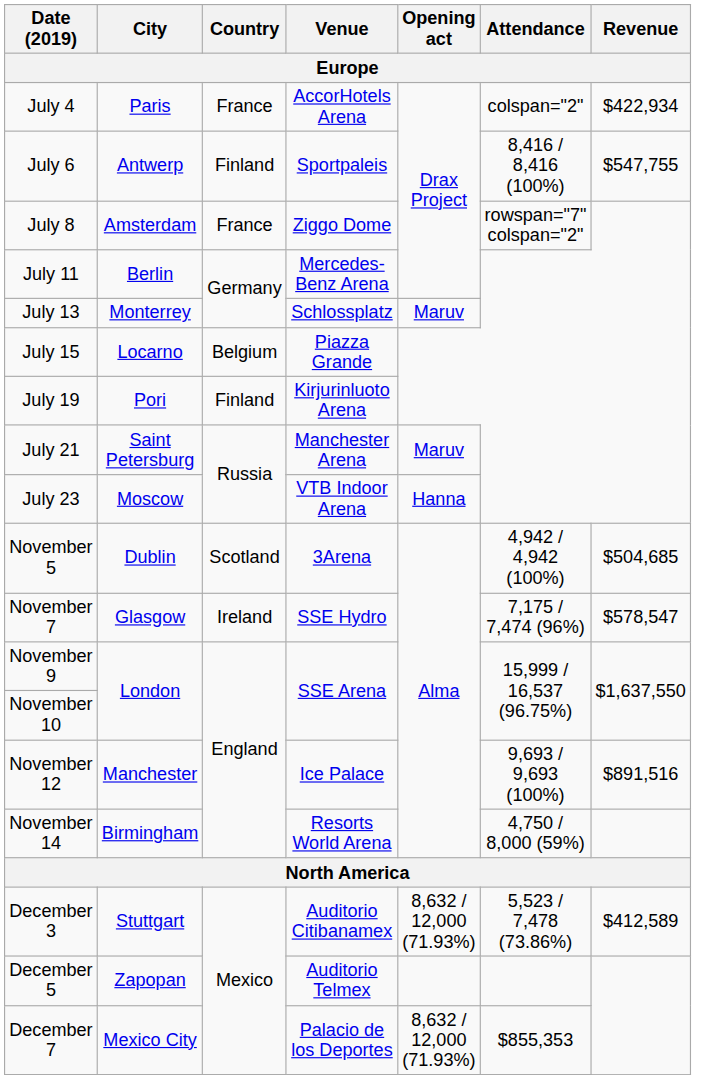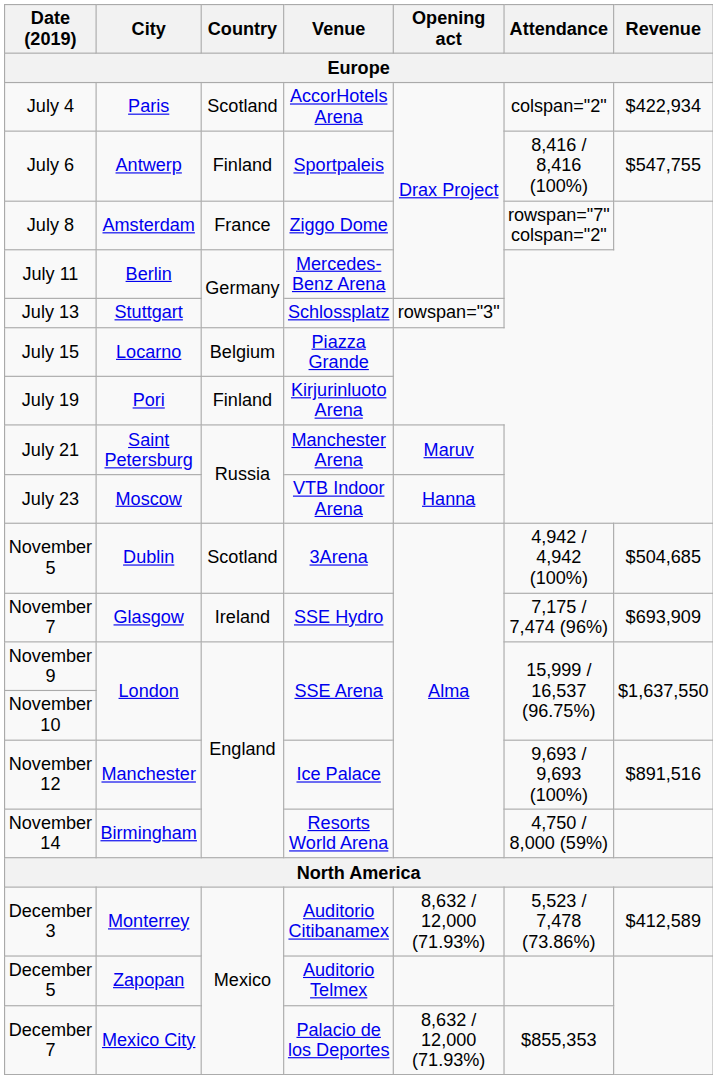 <table class="wikitable plainrowheaders" style="text-align:center;">
 <tr>
 <th scope="col" style="width:12em;">Date (2019)</th>
 <th scope="col" style="width:10em;">City</th>
 <th scope="col" style="width:10em;">Country</th>
 <th scope="col" style="width:16em;">Venue</th>
 <th scope="col" style="width:10em;">Opening act</th>
 <th scope="col" style="width:10em;">Attendance</th>
 <th scope="col" style="width:10em;">Revenue</th>
 </tr>
 <tr>
 <th colspan="7">Europe</th>
 </tr>
 <tr>
 <td scope="row">July 4</td>
 <td><a href='#'>Paris</a></td>
-<td>France</td>
+<td>Scotland</td>
 <td><a href='#'>AccorHotels Arena</a></td>
 <td rowspan="4"><a href='#'>Drax Project</a></td>
 <td>colspan="2" </td>
 <td>$422,934</td>
 </tr>
 <tr>
 <td scope="row">July 6</td>
 <td><a href='#'>Antwerp</a></td>
 <td>Finland</td>
 <td><a href='#'>Sportpaleis</a></td>
 <td>8,416 / 8,416 (100%)</td>
 <td>$547,755</td>
 </tr>
 <tr>
 <td scope="row">July 8</td>
 <td><a href='#'>Amsterdam</a></td>
 <td>France</td>
 <td><a href='#'>Ziggo Dome</a></td>
 <td>rowspan="7" colspan="2" </td>
 </tr>
 <tr>
 <td scope="row">July 11</td>
 <td><a href='#'>Berlin</a></td>
 <td rowspan="2">Germany</td>
 <td><a href='#'>Mercedes-Benz Arena</a></td>
 </tr>
 <tr>
 <td scope="row">July 13</td>
-<td><a href='#'>Monterrey</a></td>
+<td><a href='#'>Stuttgart</a></td>
 <td><a href='#'>Schlossplatz</a></td>
-<td><a href='#'>Maruv</a></td>
+<td>rowspan="3" </td>
 </tr>
 <tr>
 <td scope="row">July 15</td>
 <td><a href='#'>Locarno</a></td>
 <td>Belgium</td>
 <td><a href='#'>Piazza Grande</a></td>
 </tr>
 <tr>
 <td scope="row">July 19</td>
 <td><a href='#'>Pori</a></td>
 <td>Finland</td>
 <td><a href='#'>Kirjurinluoto Arena</a></td>
 </tr>
 <tr>
 <td>July 21</td>
 <td><a href='#'>Saint Petersburg</a></td>
 <td rowspan="2">Russia</td>
 <td><a href='#'>Manchester Arena</a></td>
 <td><a href='#'>Maruv</a></td>
 </tr>
 <tr>
 <td>July 23</td>
 <td><a href='#'>Moscow</a></td>
 <td><a href='#'>VTB Indoor Arena</a></td>
 <td><a href='#'>Hanna</a></td>
 </tr>
 <tr>
 <td scope="row">November 5</td>
 <td><a href='#'>Dublin</a></td>
 <td>Scotland</td>
 <td><a href='#'>3Arena</a></td>
 <td rowspan="6"><a href='#'>Alma</a></td>
 <td>4,942 / 4,942 (100%)</td>
 <td>$504,685</td>
 </tr>
 <tr>
 <td scope="row">November 7</td>
 <td><a href='#'>Glasgow</a></td>
 <td>Ireland</td>
 <td><a href='#'>SSE Hydro</a></td>
 <td>7,175 / 7,474 (96%)</td>
-<td>$578,547</td>
+<td>$693,909</td>
 </tr>
 <tr>
 <td scope="row">November 9</td>
 <td rowspan="2"><a href='#'>London</a></td>
 <td rowspan="4">England</td>
 <td rowspan="2"><a href='#'>SSE Arena</a></td>
 <td rowspan="2">15,999 / 16,537 (96.75%)</td>
 <td rowspan="2">$1,637,550</td>
 </tr>
 <tr>
 <td scope="row">November 10</td>
 </tr>
 <tr>
 <td>November 12</td>
 <td><a href='#'>Manchester</a></td>
 <td><a href='#'>Ice Palace</a></td>
 <td>9,693 / 9,693 (100%)</td>
 <td>$891,516</td>
 </tr>
 <tr>
 <td>November 14</td>
 <td><a href='#'>Birmingham</a></td>
 <td><a href='#'>Resorts World Arena</a></td>
 <td>4,750 / 8,000 (59%)</td>
 </tr>
 <tr>
 <th colspan="7">North America</th>
 </tr>
 <tr>
 <td scope="row">December 3</td>
-<td><a href='#'>Stuttgart</a></td>
+<td><a href='#'>Monterrey</a></td>
 <td rowspan="3">Mexico</td>
 <td><a href='#'>Auditorio Citibanamex</a></td>
 <td>8,632 / 12,000 (71.93%)</td>
 <td>5,523 / 7,478 (73.86%)</td>
 <td>$412,589</td>
 </tr>
 <tr>
 <td scope="row">December 5</td>
 <td><a href='#'>Zapopan</a></td>
 <td><a href='#'>Auditorio Telmex</a></td>
 <td></td>
 <td></td>
 </tr>
 <tr>
 <td scope="row">December 7</td>
 <td><a href='#'>Mexico City</a></td>
 <td><a href='#'>Palacio de los Deportes</a></td>
 <td>8,632 / 12,000 (71.93%)</td>
 <td>$855,353</td>
 </tr>
 <tr>
 </tr>
 </table>
